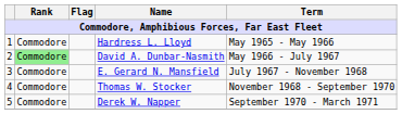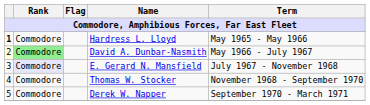 <table class="wikitable">
 <tr>
 <th></th>
 <th>Rank</th>
 <th>Flag</th>
 <th>Name</th>
 <th>Term</th>
 </tr>
 <tr>
 <td colspan="5" align="center" style="background:#dcdcfe;"><strong>Commodore, Amphibious Forces, Far East Fleet</strong></td>
 </tr>
 <tr>
-<td>1</td>
+<td><strong>1</strong></td>
 <td>Commodore</td>
 <td></td>
 <td><a href='#'>Hardress L. Lloyd</a></td>
 <td>May 1965 - May 1966</td>
 </tr>
 <tr>
-<td>2</td>
+<td style="background: lightyellow;">2</td>
 <td style="background: lightgreen;">Commodore</td>
 <td></td>
 <td><a href='#'>David A. Dunbar-Nasmith</a></td>
 <td>May 1966 - July 1967</td>
 </tr>
 <tr>
 <td>3</td>
-<td>Commodore</td>
+<td style="background: lavender;">Commodore</td>
 <td></td>
 <td><a href='#'>E. Gerard N. Mansfield</a></td>
 <td>July 1967 - November 1968</td>
 </tr>
 <tr>
 <td>4</td>
 <td>Commodore</td>
 <td></td>
 <td><a href='#'>Thomas W. Stocker</a></td>
 <td>November 1968 - September 1970</td>
 </tr>
 <tr>
 <td>5</td>
 <td>Commodore</td>
 <td></td>
 <td><a href='#'>Derek W. Napper</a></td>
 <td>September 1970 - March 1971</td>
 </tr>
 <tr>
 </tr>
 </table>
